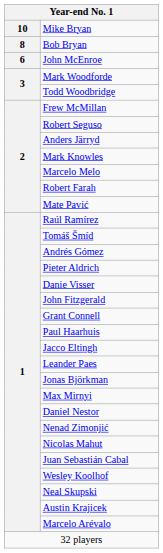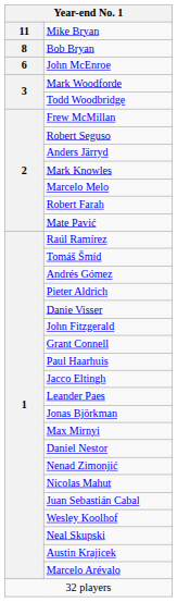 <table class="wikitable nowrap" style="display: inline-table;">
 <tr>
 <th colspan="2" scope="col">Year-end No. 1</th>
 </tr>
 <tr>
-<th style="text-align:center; width:50px;">10</th>
+<th style="text-align:center; width:50px;">11</th>
 <td style="width:180px;"> <a href='#'>Mike Bryan</a></td>
 </tr>
 <tr>
 <th style="text-align:center;">8</th>
 <td> <a href='#'>Bob Bryan</a></td>
 </tr>
 <tr>
 <th style="text-align:center;">6</th>
 <td> <a href='#'>John McEnroe</a></td>
 </tr>
 <tr>
 <th rowspan="2" style="text-align:center;">3</th>
 <td> <a href='#'>Mark Woodforde</a></td>
 </tr>
 <tr>
 <td> <a href='#'>Todd Woodbridge</a></td>
 </tr>
 <tr>
 <th rowspan="7" style="text-align:center;">2</th>
 <td> <a href='#'>Frew McMillan</a></td>
 </tr>
 <tr>
 <td> <a href='#'>Robert Seguso</a></td>
 </tr>
 <tr>
 <td> <a href='#'>Anders Järryd</a></td>
 </tr>
 <tr>
 <td> <a href='#'>Mark Knowles</a></td>
 </tr>
 <tr>
 <td> <a href='#'>Marcelo Melo</a></td>
 </tr>
 <tr>
 <td> <a href='#'>Robert Farah</a></td>
 </tr>
 <tr>
 <td> <a href='#'>Mate Pavić</a></td>
 </tr>
 <tr>
 <th rowspan="20" style="text-align:center;">1</th>
 <td> <a href='#'>Raúl Ramírez</a></td>
 </tr>
 <tr>
 <td> <a href='#'>Tomáš Šmíd</a></td>
 </tr>
 <tr>
 <td> <a href='#'>Andrés Gómez</a></td>
 </tr>
 <tr>
 <td> <a href='#'>Pieter Aldrich</a></td>
 </tr>
 <tr>
 <td> <a href='#'>Danie Visser</a></td>
 </tr>
 <tr>
 <td> <a href='#'>John Fitzgerald</a></td>
 </tr>
 <tr>
 <td> <a href='#'>Grant Connell</a></td>
 </tr>
 <tr>
 <td> <a href='#'>Paul Haarhuis</a></td>
 </tr>
 <tr>
 <td> <a href='#'>Jacco Eltingh</a></td>
 </tr>
 <tr>
 <td> <a href='#'>Leander Paes</a></td>
 </tr>
 <tr>
 <td> <a href='#'>Jonas Björkman</a></td>
 </tr>
 <tr>
 <td> <a href='#'>Max Mirnyi</a></td>
 </tr>
 <tr>
 <td> <a href='#'>Daniel Nestor</a></td>
 </tr>
 <tr>
 <td> <a href='#'>Nenad Zimonjić</a></td>
 </tr>
 <tr>
 <td> <a href='#'>Nicolas Mahut</a></td>
 </tr>
 <tr>
 <td> <a href='#'>Juan Sebastián Cabal</a></td>
 </tr>
 <tr>
 <td> <a href='#'>Wesley Koolhof</a></td>
 </tr>
 <tr>
 <td> <a href='#'>Neal Skupski</a></td>
 </tr>
 <tr>
 <td> <a href='#'>Austin Krajicek</a></td>
 </tr>
 <tr>
 <td> <a href='#'>Marcelo Arévalo</a></td>
 </tr>
 <tr>
 <td colspan="2" style="text-align:center;">32 players</td>
 </tr>
 </table>
